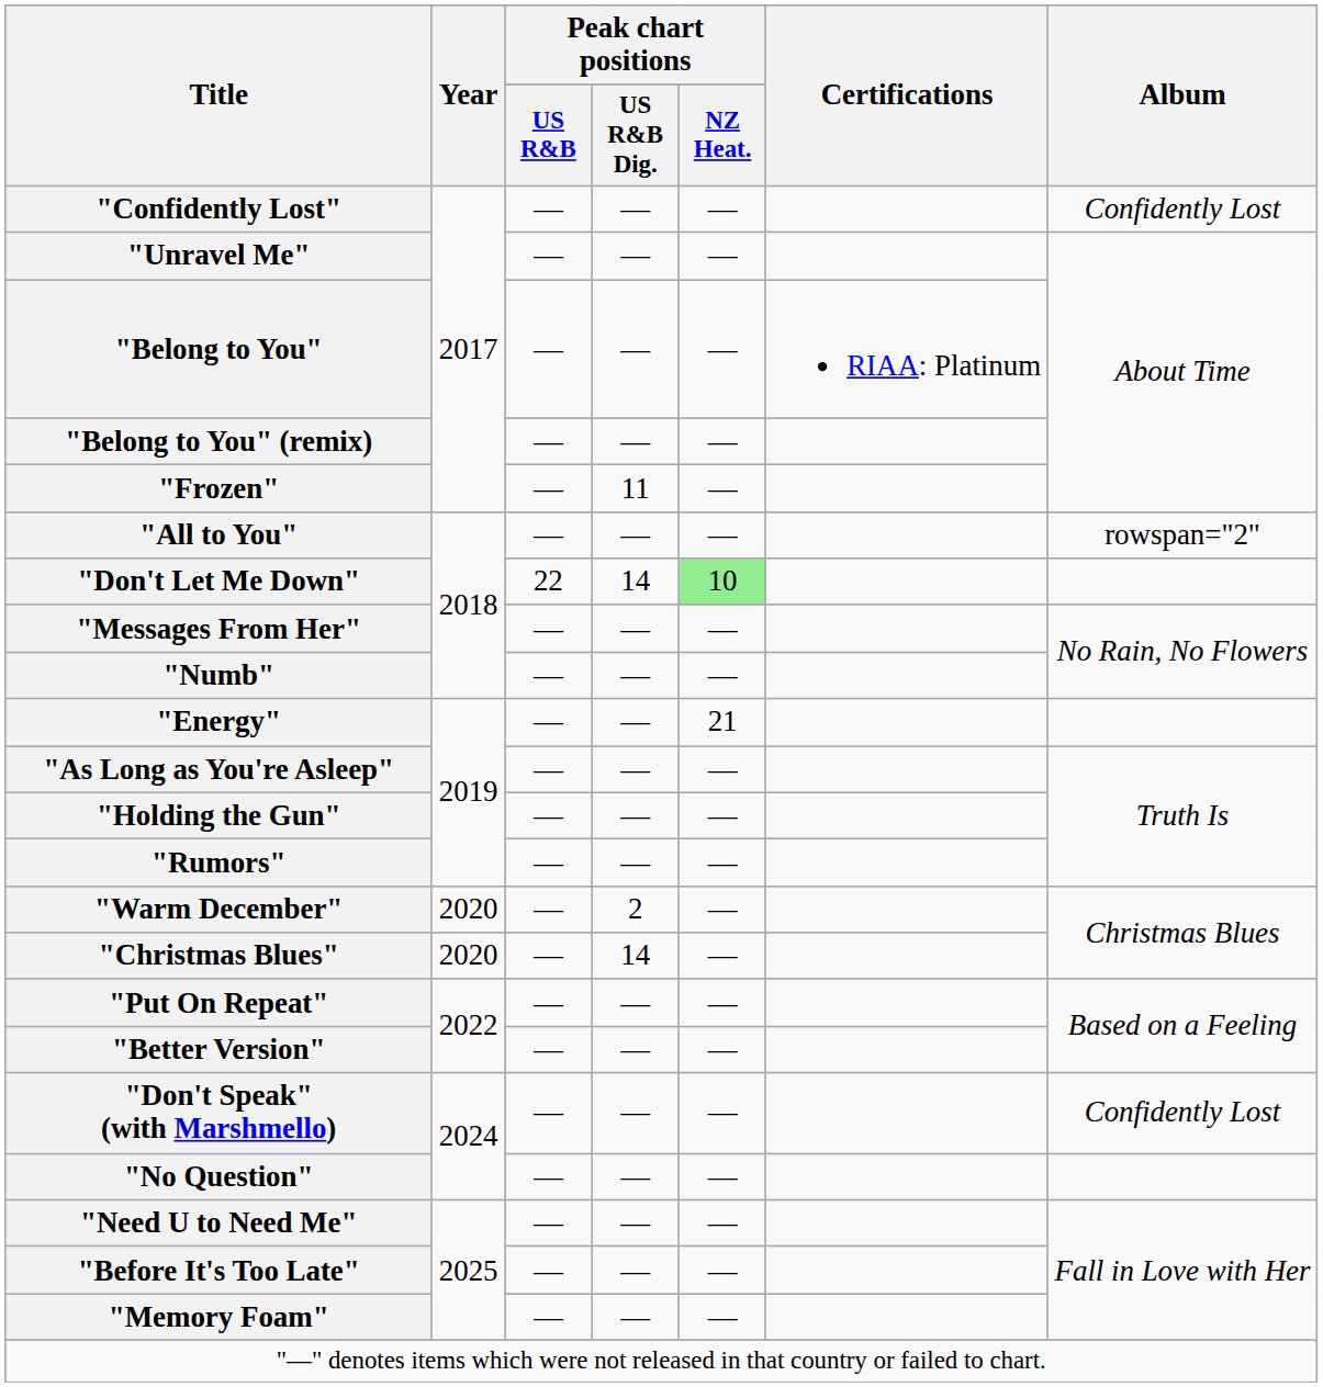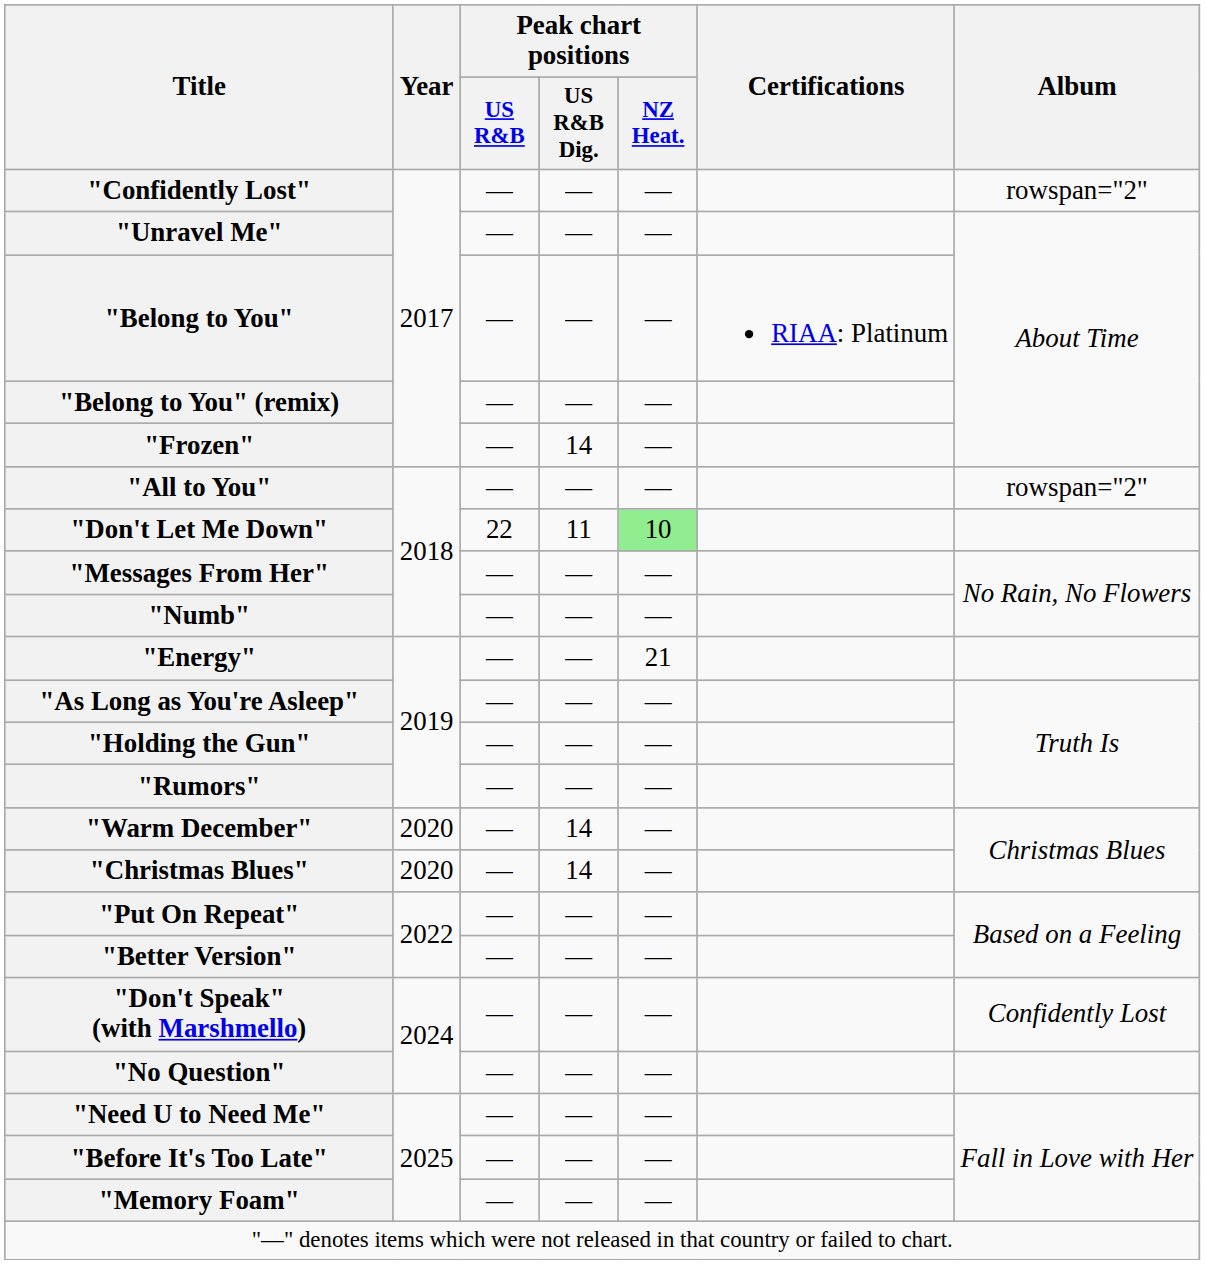 <table class="wikitable plainrowheaders" style="text-align:center;">
 <tr>
 <th scope="col" rowspan="2" style="width:14em;">Title</th>
 <th scope="col" rowspan="2" style="width:1em;">Year</th>
 <th scope="col" colspan="3">Peak chart positions</th>
 <th rowspan="2">Certifications</th>
 <th rowspan="2">Album</th>
 </tr>
 <tr>
 <th scope="col" style="width:3em;font-size:85%;"><a href='#'>US<br>R&B</a><br></th>
 <th scope="col" style="width:3em;font-size:85%;">US<br>R&B<br>Dig.<br></th>
 <th scope="col" style="width:3em;font-size:85%;"><a href='#'>NZ<br>Heat.</a><br></th>
 </tr>
 <tr>
 <th scope="row">"Confidently Lost"</th>
 <td rowspan="5">2017</td>
 <td>—</td>
 <td>—</td>
 <td>—</td>
 <td></td>
-<td><em>Confidently Lost</em></td>
+<td>rowspan="2" </td>
 </tr>
 <tr>
 <th scope="row">"Unravel Me"</th>
 <td>—</td>
 <td>—</td>
 <td>—</td>
 <td></td>
 <td rowspan="4"><em>About Time</em></td>
 </tr>
 <tr>
 <th scope="row">"Belong to You"</th>
 <td>—</td>
 <td>—</td>
 <td>—</td>
 <td><br><ul><li><a href='#'>RIAA</a>: Platinum</li></ul></td>
 </tr>
 <tr>
 <th scope="row">"Belong to You" (remix)<br></th>
 <td>—</td>
 <td>—</td>
 <td>—</td>
 <td></td>
 </tr>
 <tr>
 <th scope="row">"Frozen"</th>
 <td>—</td>
-<td>11</td>
+<td>14</td>
 <td>—</td>
 <td></td>
 </tr>
 <tr>
 <th scope="row">"All to You"</th>
 <td rowspan="4">2018</td>
 <td>—</td>
 <td>—</td>
 <td>—</td>
 <td></td>
 <td>rowspan="2" </td>
 </tr>
 <tr>
 <th scope="row">"Don't Let Me Down"<br></th>
 <td>22</td>
-<td>14</td>
+<td>11</td>
 <td style="background: lightgreen;">10</td>
 <td></td>
 </tr>
 <tr>
 <th scope="row">"Messages From Her"</th>
 <td>—</td>
 <td>—</td>
 <td>—</td>
 <td></td>
 <td rowspan="2"><em>No Rain, No Flowers</em></td>
 </tr>
 <tr>
 <th scope="row">"Numb"</th>
 <td>—</td>
 <td>—</td>
 <td>—</td>
 <td></td>
 </tr>
 <tr>
 <th scope="row">"Energy"<br></th>
 <td rowspan="4">2019</td>
 <td>—</td>
 <td>—</td>
 <td>21</td>
 <td></td>
 <td></td>
 </tr>
 <tr>
 <th scope="row">"As Long as You're Asleep"</th>
 <td>—</td>
 <td>—</td>
 <td>—</td>
 <td></td>
 <td rowspan="3"><em>Truth Is</em></td>
 </tr>
 <tr>
 <th scope="row">"Holding the Gun"</th>
 <td>—</td>
 <td>—</td>
 <td>—</td>
 <td></td>
 </tr>
 <tr>
 <th scope="row">"Rumors" <br></th>
 <td>—</td>
 <td>—</td>
 <td>—</td>
 <td></td>
 </tr>
 <tr>
 <th scope="row">"Warm December"</th>
 <td>2020</td>
 <td>—</td>
-<td>2</td>
+<td>14</td>
 <td>—</td>
 <td></td>
 <td rowspan="2"><em>Christmas Blues</em></td>
 </tr>
 <tr>
 <th scope="row">"Christmas Blues"<br></th>
 <td>2020</td>
 <td>—</td>
 <td>14</td>
 <td>—</td>
 <td></td>
 </tr>
 <tr>
 <th scope="row">"Put On Repeat"</th>
 <td rowspan="2">2022</td>
 <td>—</td>
 <td>—</td>
 <td>—</td>
 <td></td>
 <td rowspan="2"><em>Based on a Feeling</em></td>
 </tr>
 <tr>
 <th scope="row">"Better Version"</th>
 <td>—</td>
 <td>—</td>
 <td>—</td>
 <td></td>
 </tr>
 <tr>
 <th scope="row">"Don't Speak"<br><span>(with <a href='#'>Marshmello</a>)</span></th>
 <td rowspan="2">2024</td>
 <td>—</td>
 <td>—</td>
 <td>—</td>
 <td></td>
 <td><em>Confidently Lost</em></td>
 </tr>
 <tr>
 <th scope="row">"No Question"<br></th>
 <td>—</td>
 <td>—</td>
 <td>—</td>
 <td></td>
 </tr>
 <tr>
 <th scope="row">"Need U to Need Me"</th>
 <td rowspan="3">2025</td>
 <td>—</td>
 <td>—</td>
 <td>—</td>
 <td></td>
 <td rowspan="3"><em>Fall in Love with Her</em></td>
 </tr>
 <tr>
 <th scope="row">"Before It's Too Late"</th>
 <td>—</td>
 <td>—</td>
 <td>—</td>
 <td></td>
 </tr>
 <tr>
 <th scope="row">"Memory Foam"</th>
 <td>—</td>
 <td>—</td>
 <td>—</td>
 <td></td>
 </tr>
 <tr>
 <td colspan="16" style="font-size:85%;">"—" denotes items which were not released in that country or failed to chart.</td>
 </tr>
 </table>
